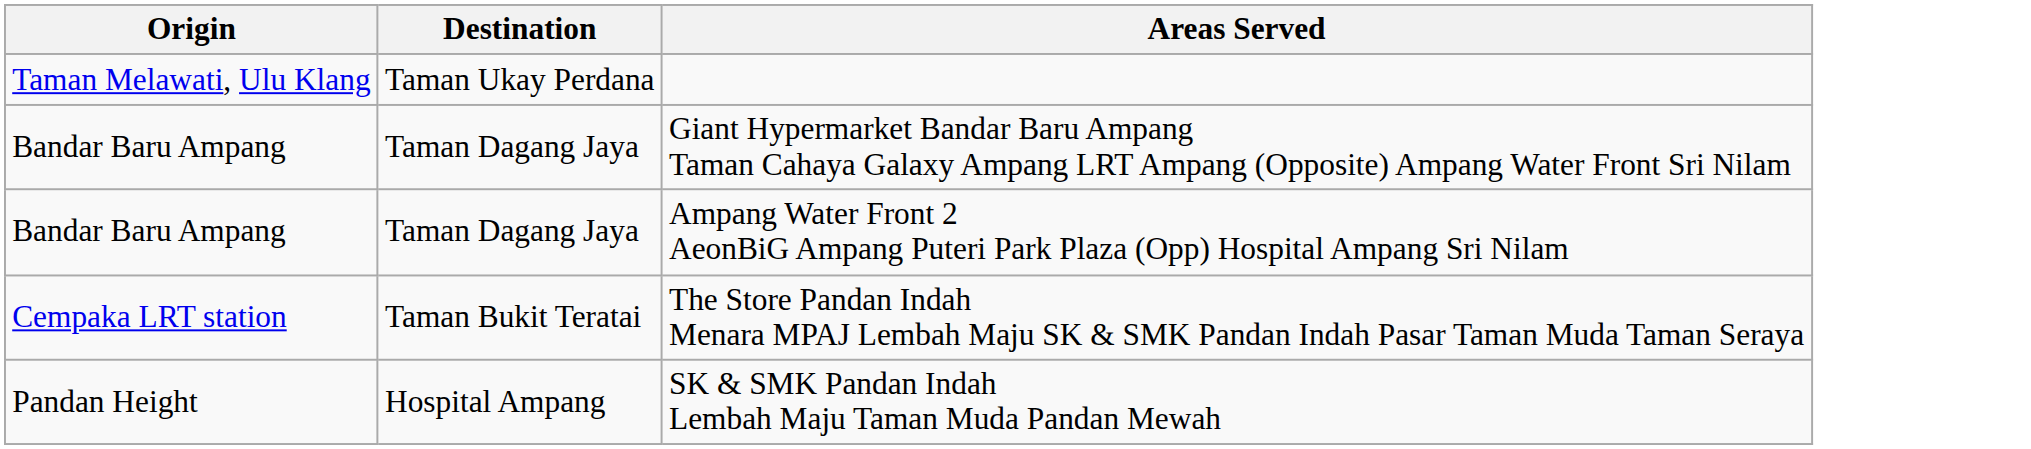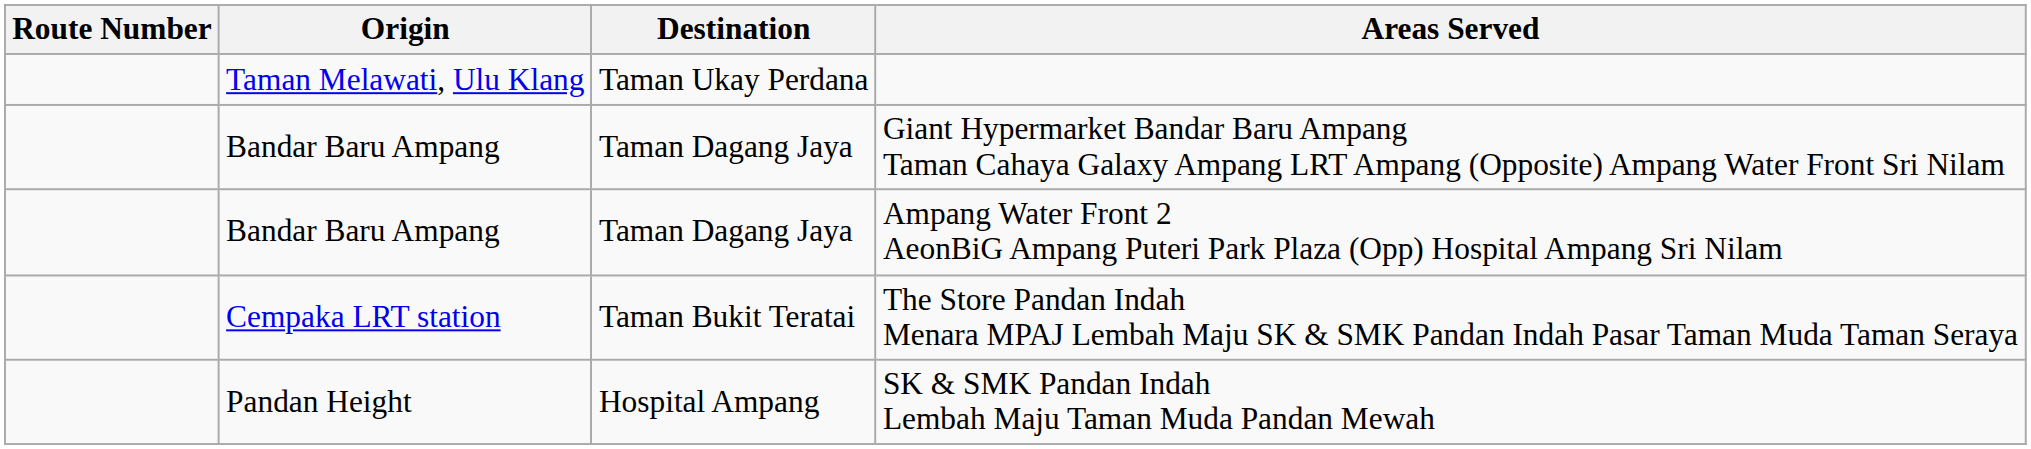 <table class="wikitable">
 <tr>
+<th>Route Number</th>
 <th>Origin</th>
 <th>Destination</th>
 <th>Areas Served</th>
 </tr>
 <tr>
+<td></td>
 <td><a href='#'>Taman Melawati</a>, <a href='#'>Ulu Klang</a></td>
 <td>Taman Ukay Perdana</td>
 <td></td>
 </tr>
 <tr>
+<td></td>
 <td>Bandar Baru Ampang</td>
 <td>Taman Dagang Jaya</td>
 <td>Giant Hypermarket Bandar Baru Ampang<br>Taman Cahaya Galaxy Ampang LRT Ampang (Opposite) Ampang Water Front Sri Nilam</td>
 </tr>
 <tr>
+<td></td>
 <td>Bandar Baru Ampang</td>
 <td>Taman Dagang Jaya</td>
 <td>Ampang Water Front 2<br>AeonBiG Ampang Puteri Park Plaza (Opp) Hospital Ampang Sri Nilam</td>
 </tr>
 <tr>
+<td></td>
 <td> <a href='#'>Cempaka LRT station</a></td>
 <td>Taman Bukit Teratai</td>
 <td>The Store Pandan Indah<br>Menara MPAJ Lembah Maju SK & SMK Pandan Indah Pasar Taman Muda Taman Seraya</td>
 </tr>
 <tr>
+<td></td>
 <td>Pandan Height</td>
 <td>Hospital Ampang</td>
 <td>SK & SMK Pandan Indah<br>Lembah Maju Taman Muda Pandan Mewah</td>
 </tr>
 </table>
